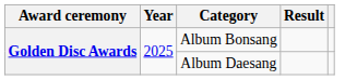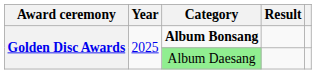 <table class="wikitable plainrowheaders sortable" style="text-align:center">
 <tr>
 <th scope="col">Award ceremony </th>
 <th scope="col">Year</th>
 <th scope="col">Category </th>
 <th scope="col">Result</th>
 <th scope="col" class="unsortable"></th>
 </tr>
 <tr>
 <th scope="row" rowspan="2"><a href='#'>Golden Disc Awards</a></th>
 <td rowspan="2" style="text-align:center"><a href='#'>2025</a></td>
-<td>Album Bonsang</td>
+<td><strong>Album Bonsang</strong></td>
 <td></td>
 <td style="text-align:center"></td>
 </tr>
 <tr>
-<td>Album Daesang</td>
+<td style="background: lightgreen;">Album Daesang</td>
 <td></td>
 <td rowspan="2" style="text-align:center"></td>
 </tr>
 </table>
